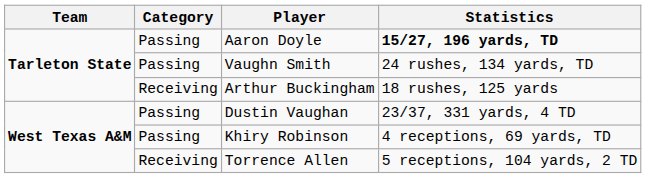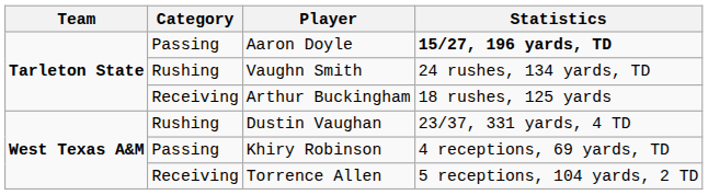 <table class="wikitable" style="float: left;">
 <tr>
 <th>Team</th>
 <th>Category</th>
 <th>Player</th>
 <th>Statistics</th>
 </tr>
 <tr>
 <td rowspan=3><strong>Tarleton State</strong></td>
 <td>Passing</td>
 <td>Aaron Doyle</td>
 <td><strong>15/27, 196 yards, TD</strong></td>
 </tr>
 <tr>
-<td>Passing</td>
+<td>Rushing</td>
 <td>Vaughn Smith</td>
 <td>24 rushes, 134 yards, TD</td>
 </tr>
 <tr>
 <td>Receiving</td>
 <td>Arthur Buckingham</td>
 <td>18 rushes, 125 yards</td>
 </tr>
 <tr>
 <td rowspan=3><strong>West Texas A&M</strong></td>
-<td>Passing</td>
+<td>Rushing</td>
 <td>Dustin Vaughan</td>
 <td>23/37, 331 yards, 4 TD</td>
 </tr>
 <tr>
 <td>Passing</td>
 <td>Khiry Robinson</td>
 <td>4 receptions, 69 yards, TD</td>
 </tr>
 <tr>
 <td>Receiving</td>
 <td>Torrence Allen</td>
 <td>5 receptions, 104 yards, 2 TD</td>
 </tr>
 </table>
